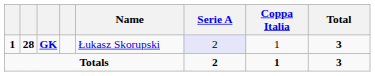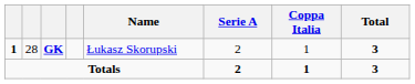 <table class="wikitable" style="text-align:center">
 <tr>
 <th width=15></th>
 <th width=15></th>
 <th width=15></th>
 <th width=15></th>
 <th width=145>Name</th>
 <th width=80><strong><a href='#'>Serie A</a></strong></th>
 <th width=80><strong><a href='#'>Coppa Italia</a></strong></th>
 <th width=80>Total</th>
 </tr>
 <tr>
 <td><strong>1</strong></td>
-<td><strong>28</strong></td>
+<td>28</td>
 <td><strong><a href='#'>GK</a></strong></td>
 <td></td>
 <td align=left><a href='#'>Łukasz Skorupski</a></td>
-<td style="background: lavender;">2</td>
+<td>2</td>
 <td>1</td>
 <td><strong>3</strong></td>
 </tr>
 <tr>
 <td colspan=5><strong>Totals</strong></td>
 <td><strong>2</strong></td>
 <td><strong>1</strong></td>
 <td><strong>3</strong></td>
 </tr>
 </table>
